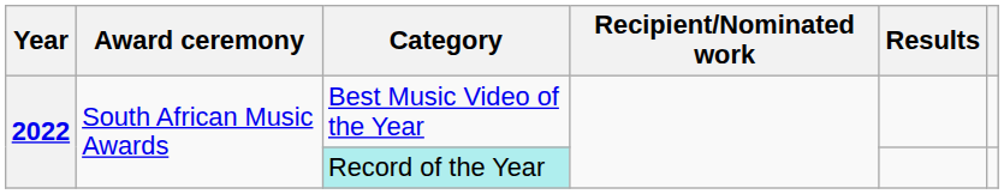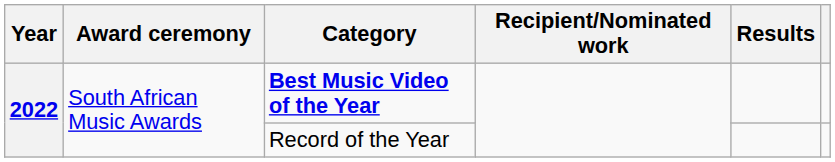 <table class="wikitable plainrowheaders">
 <tr>
 <th>Year</th>
 <th>Award ceremony</th>
 <th>Category</th>
 <th>Recipient/Nominated work</th>
 <th>Results</th>
 <th></th>
 </tr>
 <tr>
 <th scope="row" rowspan="2"><a href='#'>2022</a></th>
 <td rowspan="2"><a href='#'>South African Music Awards</a></td>
-<td><a href='#'>Best Music Video of the Year</a></td>
+<td><strong><a href='#'>Best Music Video of the Year</a></strong></td>
 <td rowspan="2"></td>
 <td></td>
 <td></td>
 </tr>
 <tr>
-<td style="background: paleturquoise;">Record of the Year</td>
+<td>Record of the Year</td>
 <td></td>
 <td></td>
 </tr>
 </table>
